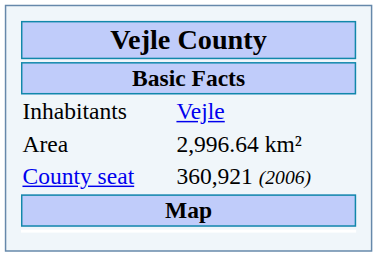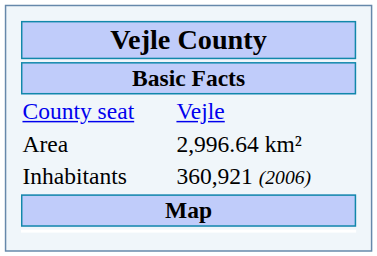 <table colspan="4" width=250 style="border: 1px solid #6688AA; background-color:#f0f6fa; margin:0.5em; padding:0.5em; float:right" valign="top" |>
 <tr>
 <td style="border: 1px solid #1188AA; background-color:#c0ccfa" align="center" colspan="2"><big><strong>Vejle County</strong></big><br></td>
 </tr>
 <tr>
 <td style="border: 1px solid #1188AA; background-color:#c0ccfa" align="center" colspan="2"><strong>Basic Facts</strong></td>
 </tr>
 <tr>
-<td>Inhabitants</td>
+<td><a href='#'>County seat</a></td>
 <td><a href='#'>Vejle</a></td>
 </tr>
 <tr>
 <td>Area</td>
 <td>2,996.64 km²</td>
 </tr>
 <tr>
-<td><a href='#'>County seat</a></td>
+<td>Inhabitants</td>
 <td>360,921 <small><em>(2006)</em></small></td>
 </tr>
 <tr>
 <td style="border: 1px solid #1188AA; background-color:#c0ccfa" align="center" colspan="2"><strong>Map</strong></td>
 </tr>
 <tr>
 <td bgcolor=#FFFFFF align="center" colspan="2"></td>
 </tr>
 <tr>
 </tr>
 </table>
